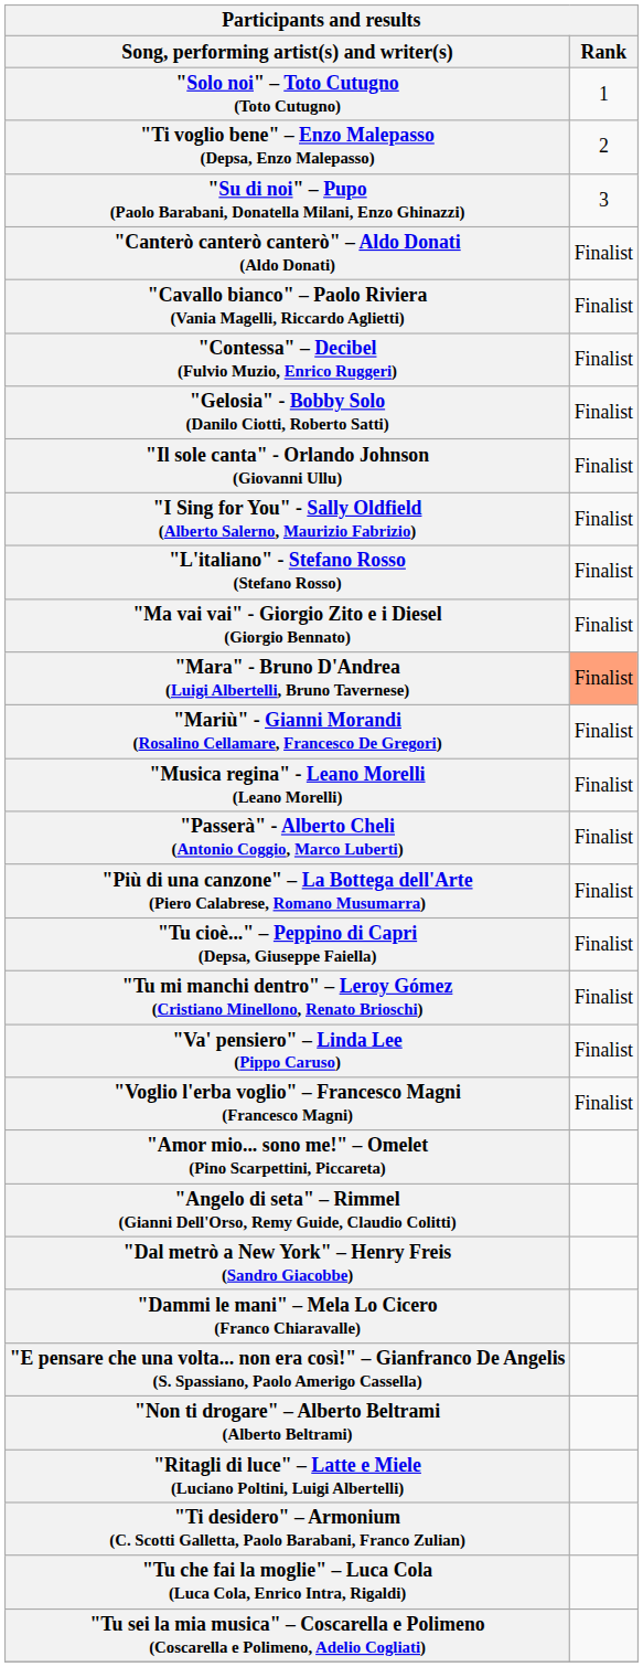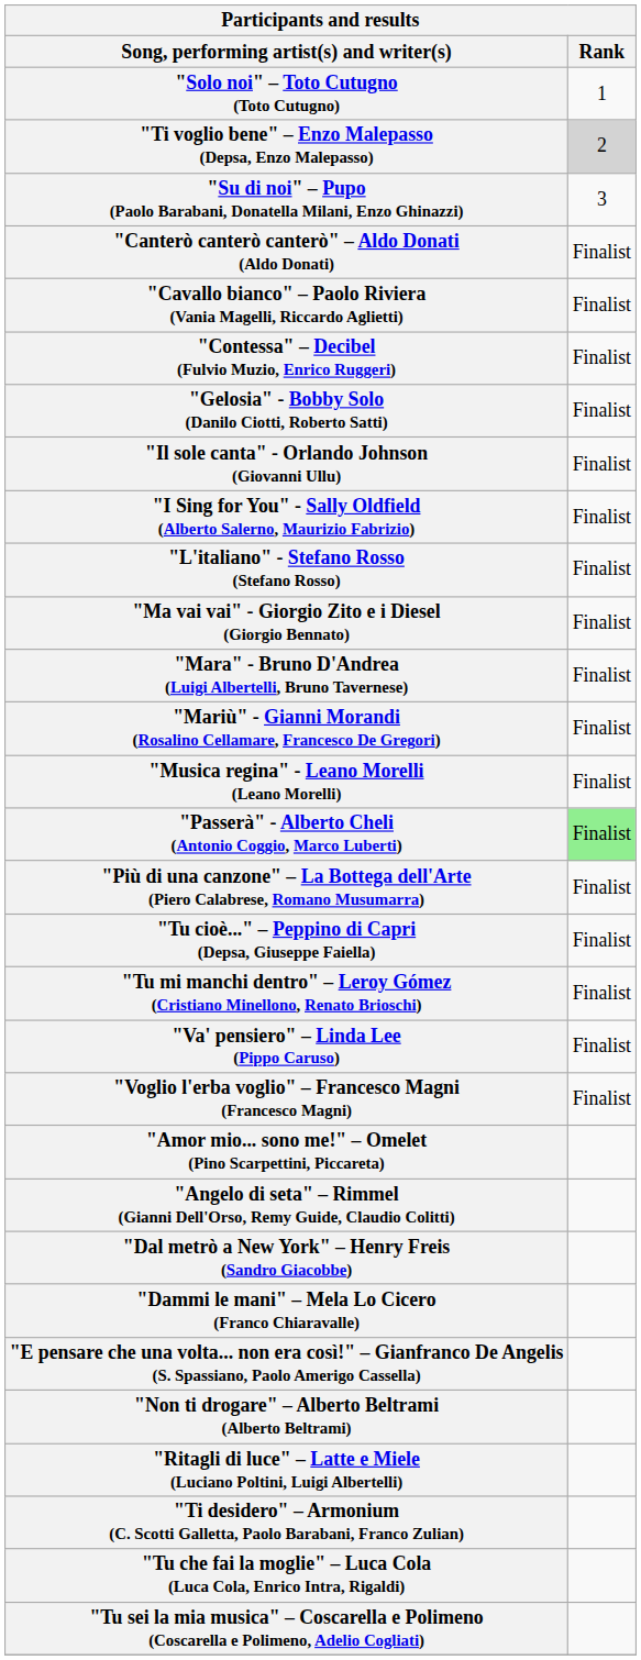 <table class="plainrowheaders wikitable">
 <tr>
 <th colspan="3">Participants and results</th>
 </tr>
 <tr>
 <th>Song, performing artist(s) and writer(s)</th>
 <th>Rank</th>
 </tr>
 <tr>
 <th scope="row">"<a href='#'>Solo noi</a>" –  <a href='#'>Toto Cutugno</a>  <br><small> 	(Toto Cutugno)</small></th>
 <td style="text-align:center;">1</td>
 </tr>
 <tr>
 <th scope="row">"Ti voglio bene" –  	<a href='#'>Enzo Malepasso</a> <br><small> 	(Depsa, Enzo Malepasso)</small></th>
-<td style="text-align:center;">2</td>
+<td style="background: lightgrey; text-align:center;">2</td>
 </tr>
 <tr>
 <th scope="row">"<a href='#'>Su di noi</a>" – <a href='#'>Pupo</a>  <br><small> 	(Paolo Barabani, Donatella Milani, Enzo Ghinazzi)</small></th>
 <td style="text-align:center;">3</td>
 </tr>
 <tr>
 <th scope="row">"Canterò canterò canterò" –  <a href='#'>Aldo Donati</a> <br><small> 	(Aldo Donati)</small></th>
 <td style="text-align:center;">Finalist</td>
 </tr>
 <tr>
 <th scope="row">"Cavallo bianco"  –  	 	Paolo Riviera  <br><small> (Vania Magelli, Riccardo Aglietti)</small></th>
 <td style="text-align:center;">Finalist</td>
 </tr>
 <tr>
 <th scope="row">"Contessa" –  	<a href='#'>Decibel</a><br><small> 	(Fulvio Muzio, <a href='#'>Enrico Ruggeri</a>)</small></th>
 <td style="text-align:center;">Finalist</td>
 </tr>
 <tr>
 <th scope="row">"Gelosia" -  <a href='#'>Bobby Solo</a> <br><small> 	(Danilo Ciotti, Roberto Satti)</small></th>
 <td style="text-align:center;">Finalist</td>
 </tr>
 <tr>
 <th scope="row">"Il sole canta" -  Orlando Johnson <br><small>  	(Giovanni Ullu)</small></th>
 <td style="text-align:center;">Finalist</td>
 </tr>
 <tr>
 <th scope="row">"I Sing for You" -  <a href='#'>Sally Oldfield</a>  <br><small> 	(<a href='#'>Alberto Salerno</a>, <a href='#'>Maurizio Fabrizio</a>)</small></th>
 <td style="text-align:center;">Finalist</td>
 </tr>
 <tr>
 <th scope="row">"L'italiano" - <a href='#'>Stefano Rosso</a>  <br><small> 	 	(Stefano Rosso)</small></th>
 <td style="text-align:center;">Finalist</td>
 </tr>
 <tr>
 <th scope="row">"Ma vai vai" - Giorgio Zito e i Diesel <br><small>  	(Giorgio Bennato)</small></th>
 <td style="text-align:center;">Finalist</td>
 </tr>
 <tr>
 <th scope="row">"Mara" -   	Bruno D'Andrea <br><small> 	(<a href='#'>Luigi Albertelli</a>, Bruno Tavernese) </small></th>
-<td style="background: lightsalmon; text-align:center;">Finalist</td>
+<td style="text-align:center;">Finalist</td>
 </tr>
 <tr>
 <th scope="row">"Mariù" - <a href='#'>Gianni Morandi</a>   <br><small> 	(<a href='#'>Rosalino Cellamare</a>, <a href='#'>Francesco De Gregori</a>) </small></th>
 <td style="text-align:center;">Finalist</td>
 </tr>
 <tr>
 <th scope="row">"Musica regina" - <a href='#'>Leano Morelli</a>  <br><small>(Leano Morelli)</small></th>
 <td style="text-align:center;">Finalist</td>
 </tr>
 <tr>
 <th scope="row">"Passerà" -  	<a href='#'>Alberto Cheli</a> <br><small>(<a href='#'>Antonio Coggio</a>, <a href='#'>Marco Luberti</a>)</small></th>
-<td style="text-align:center;">Finalist</td>
+<td style="background: lightgreen; text-align:center;">Finalist</td>
 </tr>
 <tr>
 <th scope="row">"Più di una canzone" – <a href='#'>La Bottega dell'Arte</a> <br><small>(Piero Calabrese, <a href='#'>Romano Musumarra</a>)</small></th>
 <td style="text-align:center;">Finalist</td>
 </tr>
 <tr>
 <th scope="row">"Tu cioè..." – <a href='#'>Peppino di Capri</a> <br><small> 	(Depsa, Giuseppe Faiella)</small></th>
 <td style="text-align:center;">Finalist</td>
 </tr>
 <tr>
 <th scope="row">"Tu mi manchi dentro" – <a href='#'>Leroy Gómez</a> <br><small>(<a href='#'>Cristiano Minellono</a>, <a href='#'>Renato Brioschi</a>)</small></th>
 <td style="text-align:center;">Finalist</td>
 </tr>
 <tr>
 <th scope="row">"Va' pensiero" – <a href='#'>Linda Lee</a> <br><small>(<a href='#'>Pippo Caruso</a>)</small></th>
 <td style="text-align:center;">Finalist</td>
 </tr>
 <tr>
 <th scope="row">"Voglio l'erba voglio" –  Francesco Magni <br><small>(Francesco Magni)</small></th>
 <td style="text-align:center;">Finalist</td>
 </tr>
 <tr>
 <th scope="row">"Amor mio... sono me!" – Omelet <br><small> 	(Pino Scarpettini, Piccareta)</small></th>
 <td></td>
 </tr>
 <tr>
 <th scope="row">"Angelo di seta" – Rimmel <br><small>(Gianni Dell'Orso, Remy Guide, Claudio Colitti)</small></th>
 <td></td>
 </tr>
 <tr>
 <th scope="row">"Dal metrò a New York" – Henry Freis  <br><small> 	(<a href='#'>Sandro Giacobbe</a>)</small></th>
 <td></td>
 </tr>
 <tr>
 <th scope="row">"Dammi le mani" – Mela Lo Cicero <br><small>(Franco Chiaravalle)</small></th>
 <td></td>
 </tr>
 <tr>
 <th scope="row">"E pensare che una volta... non era così!" –  	Gianfranco De Angelis <br><small>(S. Spassiano, Paolo Amerigo Cassella)</small></th>
 <td></td>
 </tr>
 <tr>
 <th scope="row">"Non ti drogare" – Alberto Beltrami <br><small>(Alberto Beltrami)</small></th>
 <td></td>
 </tr>
 <tr>
 <th scope="row">"Ritagli di luce" – <a href='#'>Latte e Miele</a> <br><small>(Luciano Poltini, Luigi Albertelli)</small></th>
 <td></td>
 </tr>
 <tr>
 <th scope="row">"Ti desidero" –  Armonium <br><small>(C. Scotti Galletta, Paolo Barabani, Franco Zulian)</small></th>
 <td></td>
 </tr>
 <tr>
 <th scope="row">"Tu che fai la moglie" – Luca Cola <br><small>(Luca Cola, Enrico Intra, Rigaldi)</small></th>
 <td></td>
 </tr>
 <tr>
 <th scope="row">"Tu sei la mia musica" –  Coscarella e Polimeno <br><small>(Coscarella e Polimeno, <a href='#'>Adelio Cogliati</a>)</small></th>
 <td></td>
 </tr>
 <tr>
 </tr>
 </table>
